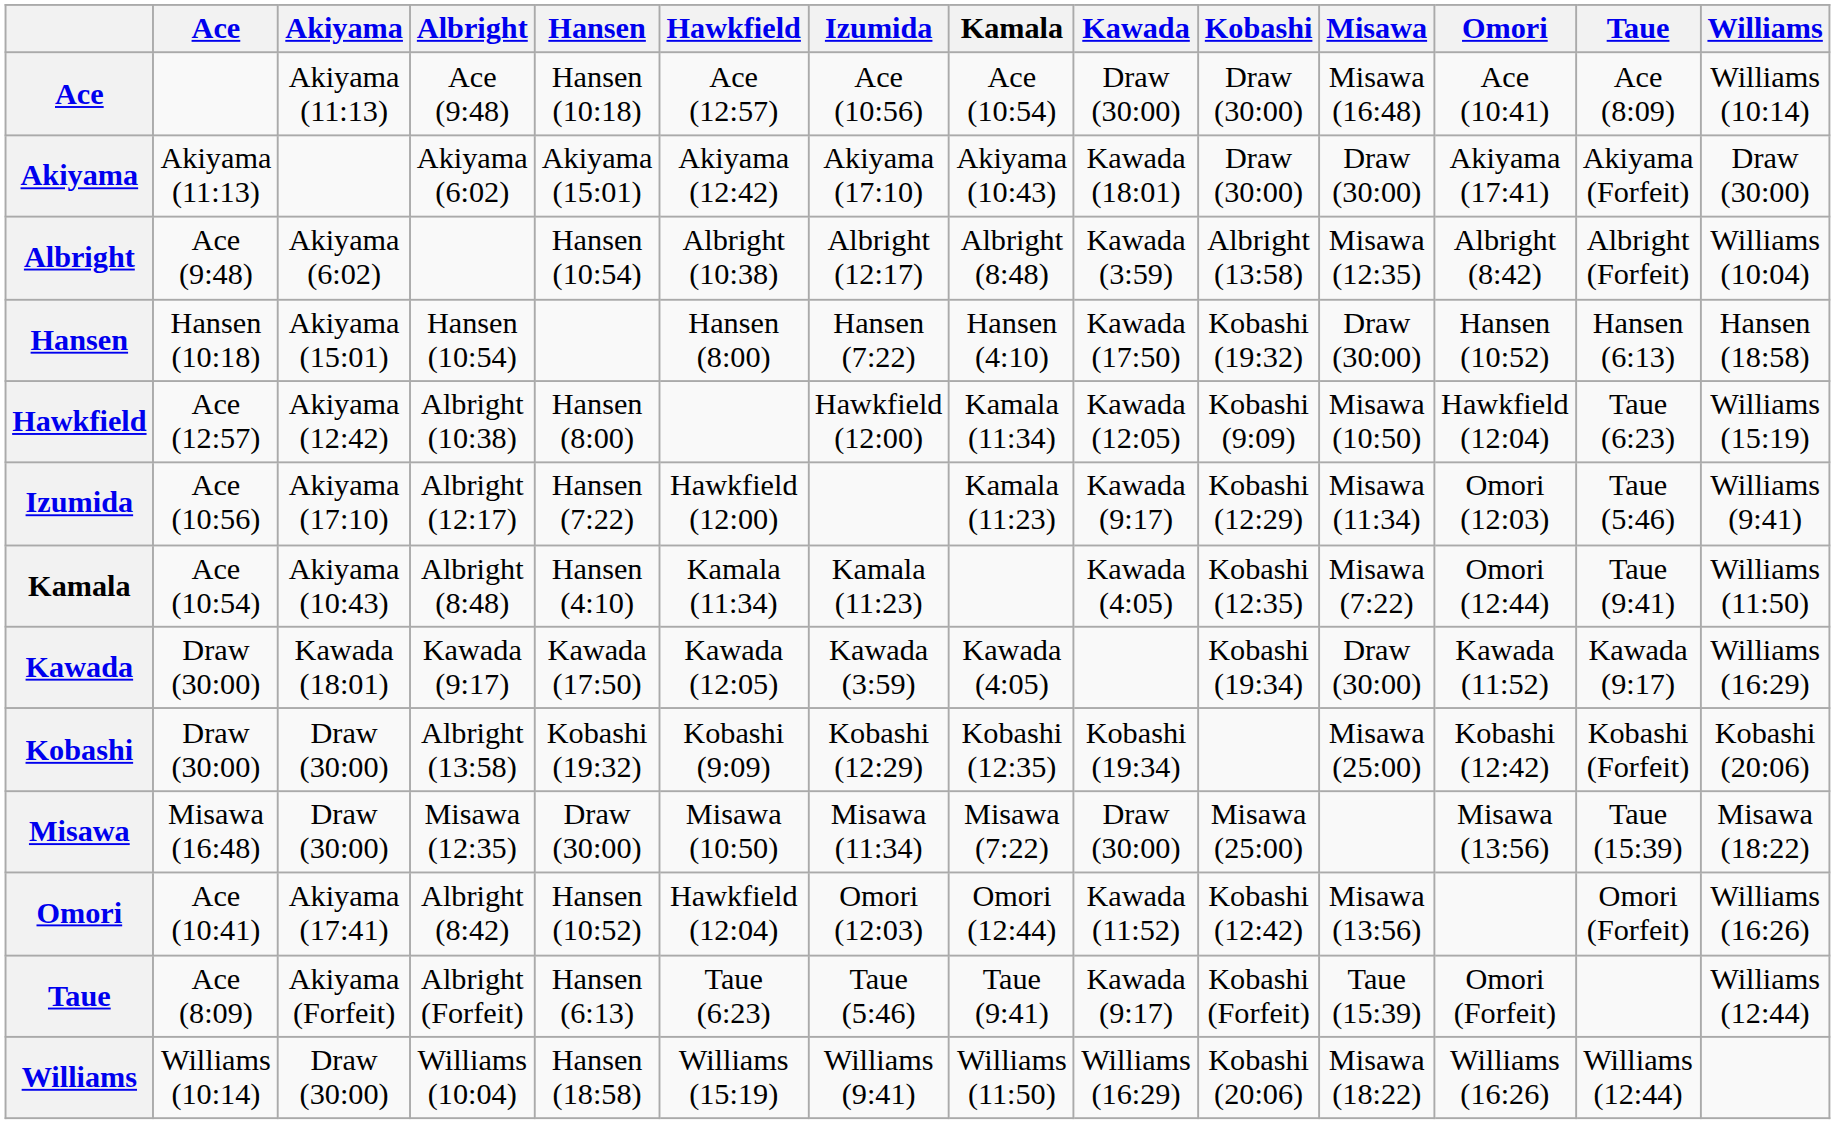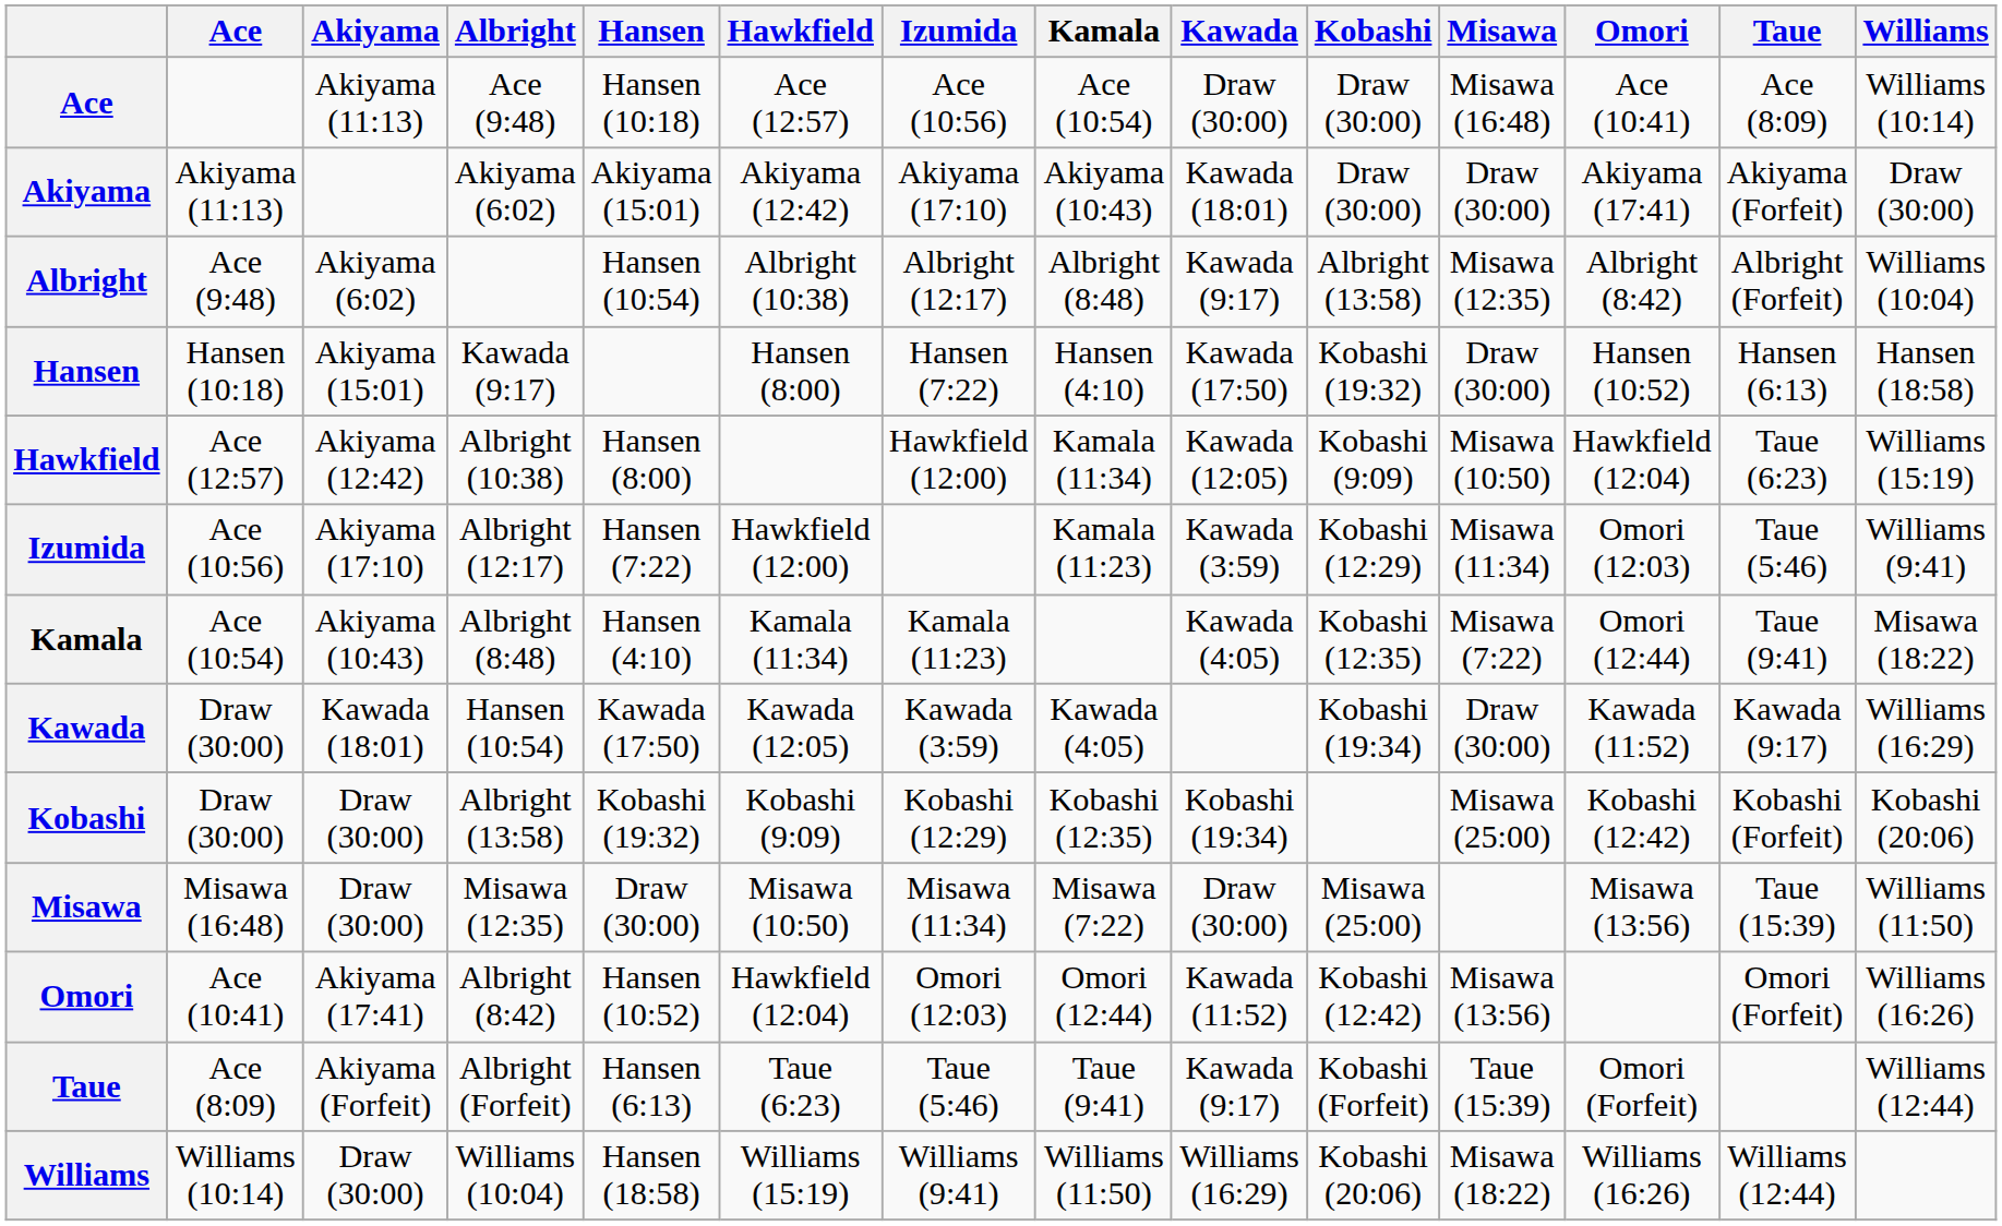 <table class="wikitable" style="margin: 1em auto 1em auto; text-align:center;">
 <tr>
 <th></th>
 <th><a href='#'>Ace</a></th>
 <th><a href='#'>Akiyama</a></th>
 <th><a href='#'>Albright</a></th>
 <th><a href='#'>Hansen</a></th>
 <th><a href='#'>Hawkfield</a></th>
 <th><a href='#'>Izumida</a></th>
 <th>Kamala</th>
 <th><a href='#'>Kawada</a></th>
 <th><a href='#'>Kobashi</a></th>
 <th><a href='#'>Misawa</a></th>
 <th><a href='#'>Omori</a></th>
 <th><a href='#'>Taue</a></th>
 <th><a href='#'>Williams</a></th>
 </tr>
 <tr>
 <th><a href='#'>Ace</a></th>
 <td></td>
 <td>Akiyama<br>(11:13)</td>
 <td>Ace<br>(9:48)</td>
 <td>Hansen<br>(10:18)</td>
 <td>Ace<br>(12:57)</td>
 <td>Ace<br>(10:56)</td>
 <td>Ace<br>(10:54)</td>
 <td>Draw<br>(30:00)</td>
 <td>Draw<br>(30:00)</td>
 <td>Misawa<br>(16:48)</td>
 <td>Ace<br>(10:41)</td>
 <td>Ace<br>(8:09)</td>
 <td>Williams<br>(10:14)</td>
 </tr>
 <tr>
 <th><a href='#'>Akiyama</a></th>
 <td>Akiyama<br>(11:13)</td>
 <td></td>
 <td>Akiyama<br>(6:02)</td>
 <td>Akiyama<br>(15:01)</td>
 <td>Akiyama<br>(12:42)</td>
 <td>Akiyama<br>(17:10)</td>
 <td>Akiyama<br>(10:43)</td>
 <td>Kawada<br>(18:01)</td>
 <td>Draw<br>(30:00)</td>
 <td>Draw<br>(30:00)</td>
 <td>Akiyama<br>(17:41)</td>
 <td>Akiyama<br>(Forfeit)</td>
 <td>Draw<br>(30:00)</td>
 </tr>
 <tr>
 <th><a href='#'>Albright</a></th>
 <td>Ace<br>(9:48)</td>
 <td>Akiyama<br>(6:02)</td>
 <td></td>
 <td>Hansen<br>(10:54)</td>
 <td>Albright<br>(10:38)</td>
 <td>Albright<br>(12:17)</td>
 <td>Albright<br>(8:48)</td>
-<td>Kawada<br>(3:59)</td>
+<td>Kawada<br>(9:17)</td>
 <td>Albright<br>(13:58)</td>
 <td>Misawa<br>(12:35)</td>
 <td>Albright<br>(8:42)</td>
 <td>Albright<br>(Forfeit)</td>
 <td>Williams<br>(10:04)</td>
 </tr>
 <tr>
 <th><a href='#'>Hansen</a></th>
 <td>Hansen<br>(10:18)</td>
 <td>Akiyama<br>(15:01)</td>
-<td>Hansen<br>(10:54)</td>
+<td>Kawada<br>(9:17)</td>
 <td></td>
 <td>Hansen<br>(8:00)</td>
 <td>Hansen<br>(7:22)</td>
 <td>Hansen<br>(4:10)</td>
 <td>Kawada<br>(17:50)</td>
 <td>Kobashi<br>(19:32)</td>
 <td>Draw<br>(30:00)</td>
 <td>Hansen<br>(10:52)</td>
 <td>Hansen<br>(6:13)</td>
 <td>Hansen<br>(18:58)</td>
 </tr>
 <tr>
 <th><a href='#'>Hawkfield</a></th>
 <td>Ace<br>(12:57)</td>
 <td>Akiyama<br>(12:42)</td>
 <td>Albright<br>(10:38)</td>
 <td>Hansen<br>(8:00)</td>
 <td></td>
 <td>Hawkfield<br>(12:00)</td>
 <td>Kamala<br>(11:34)</td>
 <td>Kawada<br>(12:05)</td>
 <td>Kobashi<br>(9:09)</td>
 <td>Misawa<br>(10:50)</td>
 <td>Hawkfield<br>(12:04)</td>
 <td>Taue<br>(6:23)</td>
 <td>Williams<br>(15:19)</td>
 </tr>
 <tr>
 <th><a href='#'>Izumida</a></th>
 <td>Ace<br>(10:56)</td>
 <td>Akiyama<br>(17:10)</td>
 <td>Albright<br>(12:17)</td>
 <td>Hansen<br>(7:22)</td>
 <td>Hawkfield<br>(12:00)</td>
 <td></td>
 <td>Kamala<br>(11:23)</td>
-<td>Kawada<br>(9:17)</td>
+<td>Kawada<br>(3:59)</td>
 <td>Kobashi<br>(12:29)</td>
 <td>Misawa<br>(11:34)</td>
 <td>Omori<br>(12:03)</td>
 <td>Taue<br>(5:46)</td>
 <td>Williams<br>(9:41)</td>
 </tr>
 <tr>
 <th>Kamala</th>
 <td>Ace<br>(10:54)</td>
 <td>Akiyama<br>(10:43)</td>
 <td>Albright<br>(8:48)</td>
 <td>Hansen<br>(4:10)</td>
 <td>Kamala<br>(11:34)</td>
 <td>Kamala<br>(11:23)</td>
 <td></td>
 <td>Kawada<br>(4:05)</td>
 <td>Kobashi<br>(12:35)</td>
 <td>Misawa<br>(7:22)</td>
 <td>Omori<br>(12:44)</td>
 <td>Taue<br>(9:41)</td>
-<td>Williams<br>(11:50)</td>
+<td>Misawa<br>(18:22)</td>
 </tr>
 <tr>
 <th><a href='#'>Kawada</a></th>
 <td>Draw<br>(30:00)</td>
 <td>Kawada<br>(18:01)</td>
-<td>Kawada<br>(9:17)</td>
+<td>Hansen<br>(10:54)</td>
 <td>Kawada<br>(17:50)</td>
 <td>Kawada<br>(12:05)</td>
 <td>Kawada<br>(3:59)</td>
 <td>Kawada<br>(4:05)</td>
 <td></td>
 <td>Kobashi<br>(19:34)</td>
 <td>Draw<br>(30:00)</td>
 <td>Kawada<br>(11:52)</td>
 <td>Kawada<br>(9:17)</td>
 <td>Williams<br>(16:29)</td>
 </tr>
 <tr>
 <th><a href='#'>Kobashi</a></th>
 <td>Draw<br>(30:00)</td>
 <td>Draw<br>(30:00)</td>
 <td>Albright<br>(13:58)</td>
 <td>Kobashi<br>(19:32)</td>
 <td>Kobashi<br>(9:09)</td>
 <td>Kobashi<br>(12:29)</td>
 <td>Kobashi<br>(12:35)</td>
 <td>Kobashi<br>(19:34)</td>
 <td></td>
 <td>Misawa<br>(25:00)</td>
 <td>Kobashi<br>(12:42)</td>
 <td>Kobashi<br>(Forfeit)</td>
 <td>Kobashi<br>(20:06)</td>
 </tr>
 <tr>
 <th><a href='#'>Misawa</a></th>
 <td>Misawa<br>(16:48)</td>
 <td>Draw<br>(30:00)</td>
 <td>Misawa<br>(12:35)</td>
 <td>Draw<br>(30:00)</td>
 <td>Misawa<br>(10:50)</td>
 <td>Misawa<br>(11:34)</td>
 <td>Misawa<br>(7:22)</td>
 <td>Draw<br>(30:00)</td>
 <td>Misawa<br>(25:00)</td>
 <td></td>
 <td>Misawa<br>(13:56)</td>
 <td>Taue<br>(15:39)</td>
-<td>Misawa<br>(18:22)</td>
+<td>Williams<br>(11:50)</td>
 </tr>
 <tr>
 <th><a href='#'>Omori</a></th>
 <td>Ace<br>(10:41)</td>
 <td>Akiyama<br>(17:41)</td>
 <td>Albright<br>(8:42)</td>
 <td>Hansen<br>(10:52)</td>
 <td>Hawkfield<br>(12:04)</td>
 <td>Omori<br>(12:03)</td>
 <td>Omori<br>(12:44)</td>
 <td>Kawada<br>(11:52)</td>
 <td>Kobashi<br>(12:42)</td>
 <td>Misawa<br>(13:56)</td>
 <td></td>
 <td>Omori<br>(Forfeit)</td>
 <td>Williams<br>(16:26)</td>
 </tr>
 <tr>
 <th><a href='#'>Taue</a></th>
 <td>Ace<br>(8:09)</td>
 <td>Akiyama<br>(Forfeit)</td>
 <td>Albright<br>(Forfeit)</td>
 <td>Hansen<br>(6:13)</td>
 <td>Taue<br>(6:23)</td>
 <td>Taue<br>(5:46)</td>
 <td>Taue<br>(9:41)</td>
 <td>Kawada<br>(9:17)</td>
 <td>Kobashi<br>(Forfeit)</td>
 <td>Taue<br>(15:39)</td>
 <td>Omori<br>(Forfeit)</td>
 <td></td>
 <td>Williams<br>(12:44)</td>
 </tr>
 <tr>
 <th><a href='#'>Williams</a></th>
 <td>Williams<br>(10:14)</td>
 <td>Draw<br>(30:00)</td>
 <td>Williams<br>(10:04)</td>
 <td>Hansen<br>(18:58)</td>
 <td>Williams<br>(15:19)</td>
 <td>Williams<br>(9:41)</td>
 <td>Williams<br>(11:50)</td>
 <td>Williams<br>(16:29)</td>
 <td>Kobashi<br>(20:06)</td>
 <td>Misawa<br>(18:22)</td>
 <td>Williams<br>(16:26)</td>
 <td>Williams<br>(12:44)</td>
 <td></td>
 </tr>
 </table>
